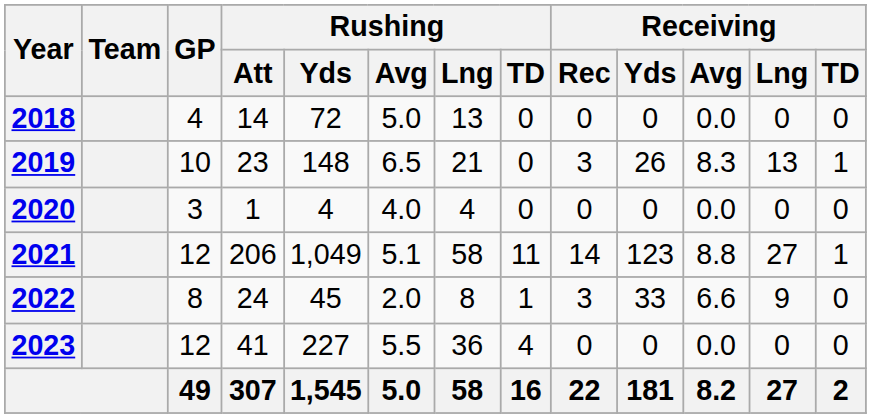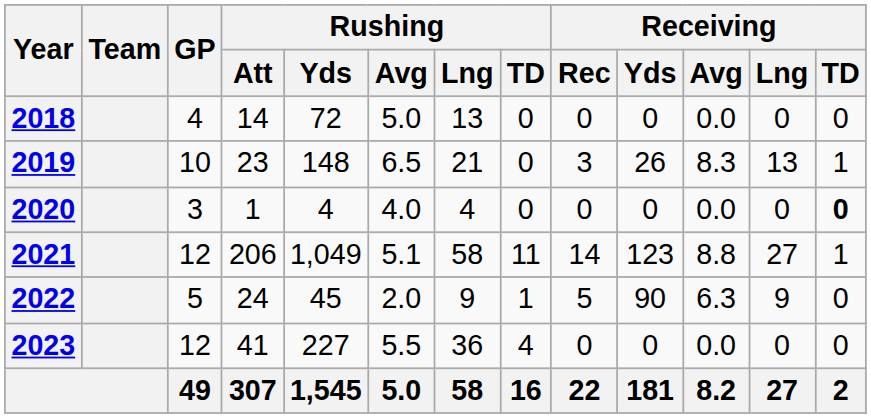 <table class="wikitable" style="text-align:center;">
 <tr>
 <th rowspan="2">Year</th>
 <th rowspan="2">Team</th>
 <th rowspan="2">GP</th>
 <th colspan="5">Rushing</th>
 <th colspan="5">Receiving</th>
 </tr>
 <tr>
 <th>Att</th>
 <th>Yds</th>
 <th>Avg</th>
 <th>Lng</th>
 <th>TD</th>
 <th>Rec</th>
 <th>Yds</th>
 <th>Avg</th>
 <th>Lng</th>
 <th>TD</th>
 </tr>
 <tr>
 <th><a href='#'>2018</a></th>
 <th><a href='#'></a></th>
 <td>4</td>
 <td>14</td>
 <td>72</td>
 <td>5.0</td>
 <td>13</td>
 <td>0</td>
 <td>0</td>
 <td>0</td>
 <td>0.0</td>
 <td>0</td>
 <td>0</td>
 </tr>
 <tr>
 <th><a href='#'>2019</a></th>
 <th><a href='#'></a></th>
 <td>10</td>
 <td>23</td>
 <td>148</td>
 <td>6.5</td>
 <td>21</td>
 <td>0</td>
 <td>3</td>
 <td>26</td>
 <td>8.3</td>
 <td>13</td>
 <td>1</td>
 </tr>
 <tr>
 <th><a href='#'>2020</a></th>
 <th><a href='#'></a></th>
 <td>3</td>
 <td>1</td>
 <td>4</td>
 <td>4.0</td>
 <td>4</td>
 <td>0</td>
 <td>0</td>
 <td>0</td>
 <td>0.0</td>
 <td>0</td>
-<td>0</td>
+<td><strong>0</strong></td>
 </tr>
 <tr>
 <th><a href='#'>2021</a></th>
 <th><a href='#'></a></th>
 <td>12</td>
 <td>206</td>
 <td>1,049</td>
 <td>5.1</td>
 <td>58</td>
 <td>11</td>
 <td>14</td>
 <td>123</td>
 <td>8.8</td>
 <td>27</td>
 <td>1</td>
 </tr>
 <tr>
 <th><a href='#'>2022</a></th>
 <th><a href='#'></a></th>
-<td>8</td>
+<td>5</td>
 <td>24</td>
 <td>45</td>
 <td>2.0</td>
-<td>8</td>
+<td>9</td>
 <td>1</td>
-<td>3</td>
-<td>33</td>
-<td>6.6</td>
+<td>5</td>
+<td>90</td>
+<td>6.3</td>
 <td>9</td>
 <td>0</td>
 </tr>
 <tr>
 <th><a href='#'>2023</a></th>
 <th><a href='#'></a></th>
 <td>12</td>
 <td>41</td>
 <td>227</td>
 <td>5.5</td>
 <td>36</td>
 <td>4</td>
 <td>0</td>
 <td>0</td>
 <td>0.0</td>
 <td>0</td>
 <td>0</td>
 </tr>
 <tr>
 <th align=center colspan="2"></th>
 <th>49</th>
 <th>307</th>
 <th>1,545</th>
 <th>5.0</th>
 <th>58</th>
 <th>16</th>
 <th>22</th>
 <th>181</th>
 <th>8.2</th>
 <th>27</th>
 <th>2</th>
 </tr>
 </table>
